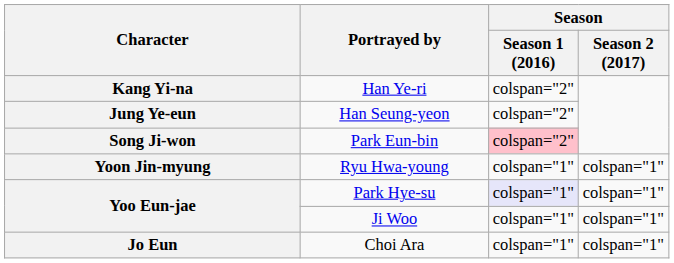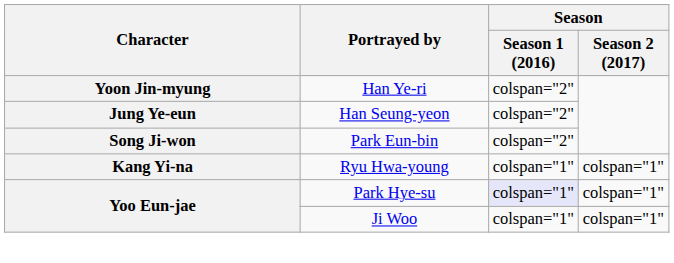 <table class="wikitable" style="text-align:center;">
 <tr>
 <th rowspan="2" style="width:280px;">Character</th>
 <th style="width:175px;" rowspan="2">Portrayed by</th>
 <th colspan="2">Season</th>
 </tr>
 <tr>
 <th style="width:80px;">Season 1<br>(2016)</th>
 <th style="width:80px;">Season 2<br>(2017)</th>
 </tr>
 <tr>
-<th>Kang Yi-na</th>
+<th>Yoon Jin-myung</th>
 <td><a href='#'>Han Ye-ri</a></td>
 <td>colspan="2" </td>
 </tr>
 <tr>
 <th>Jung Ye-eun</th>
 <td><a href='#'>Han Seung-yeon</a></td>
 <td>colspan="2" </td>
 </tr>
 <tr>
 <th>Song Ji-won</th>
 <td><a href='#'>Park Eun-bin</a></td>
-<td style="background: pink;">colspan="2" </td>
+<td>colspan="2" </td>
 </tr>
 <tr>
-<th>Yoon Jin-myung</th>
+<th>Kang Yi-na</th>
 <td><a href='#'>Ryu Hwa-young</a></td>
 <td>colspan="1" </td>
 <td>colspan="1" </td>
 </tr>
 <tr>
 <th rowspan="2">Yoo Eun-jae</th>
 <td><a href='#'>Park Hye-su</a></td>
 <td style="background: lavender;">colspan="1" </td>
 <td>colspan="1" </td>
 </tr>
 <tr>
 <td><a href='#'>Ji Woo</a></td>
 <td>colspan="1" </td>
 <td>colspan="1" </td>
 </tr>
-<tr>
-<th>Jo Eun</th>
-<td>Choi Ara</td>
-<td>colspan="1" </td>
-<td>colspan="1" </td>
-</tr>
 </table>
